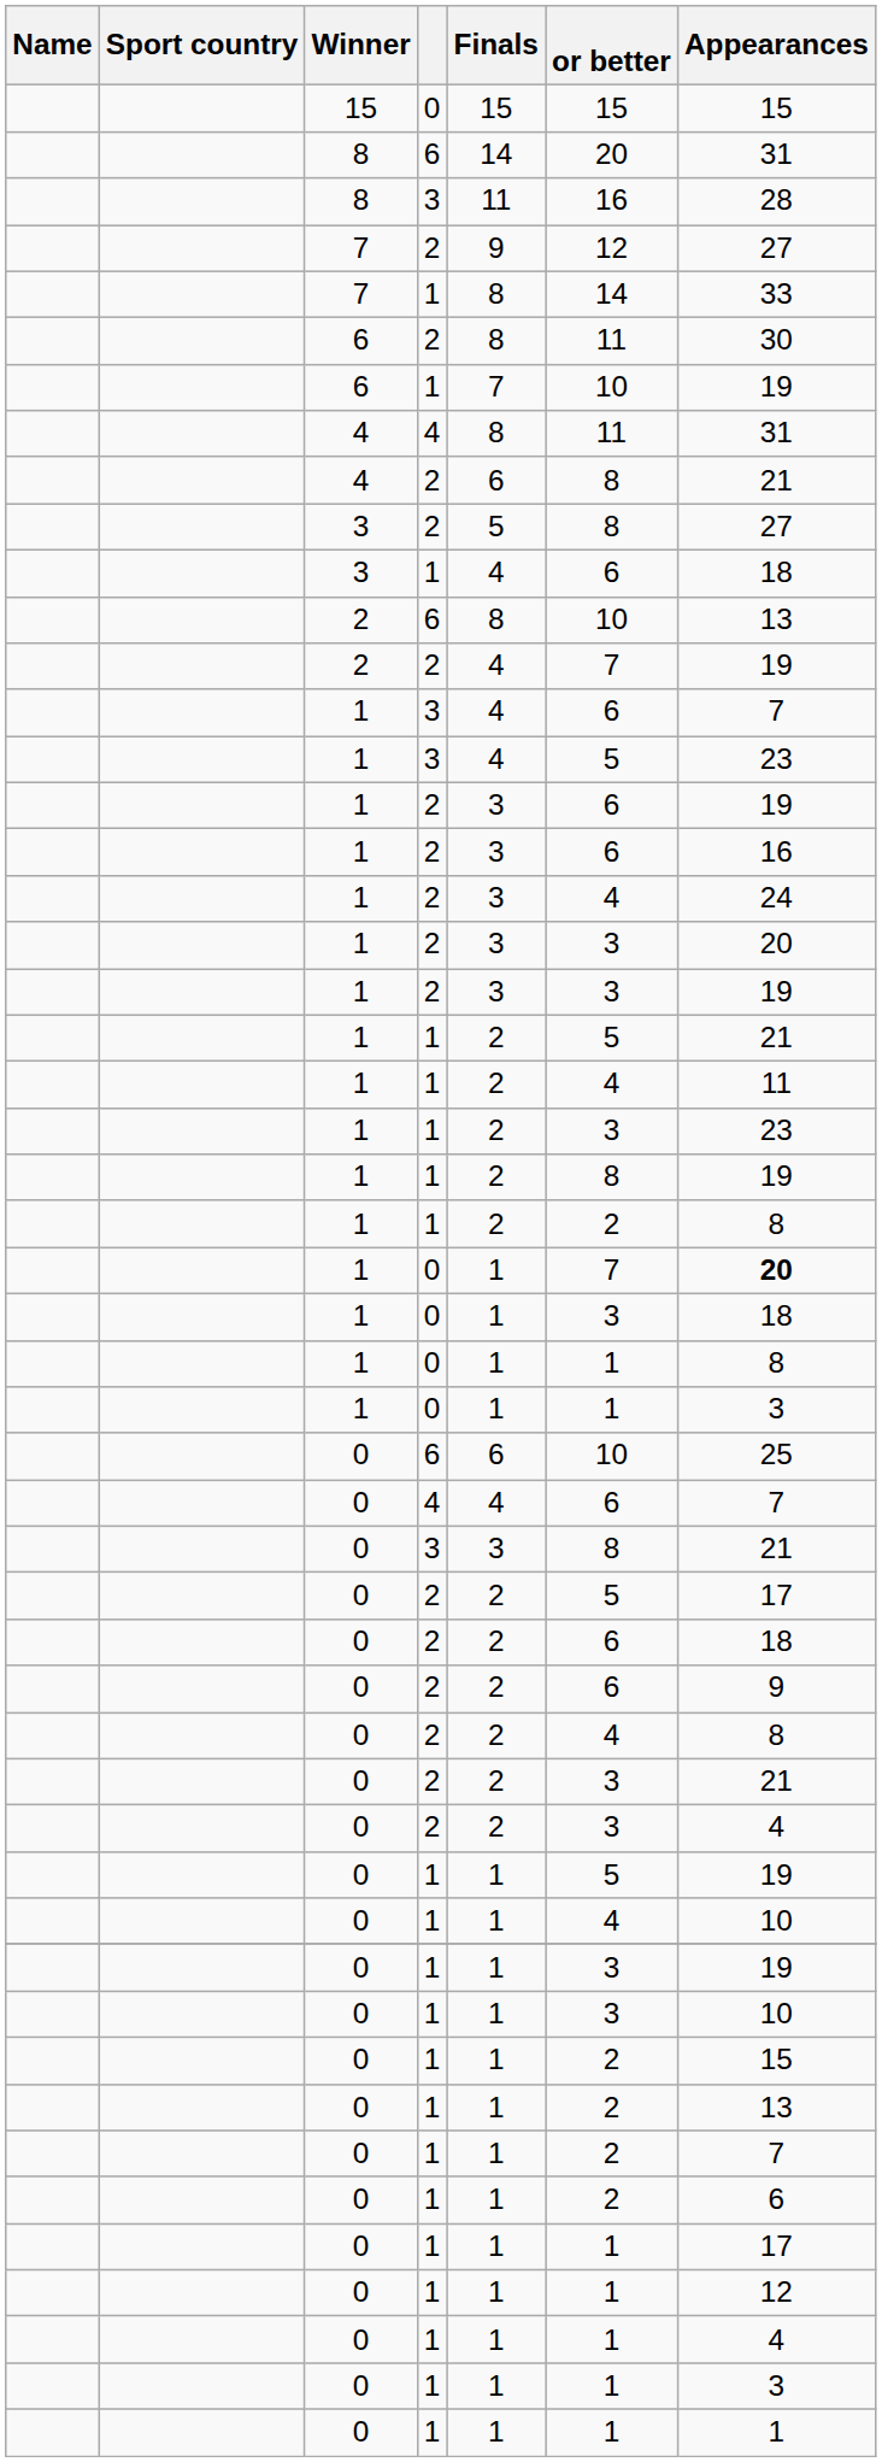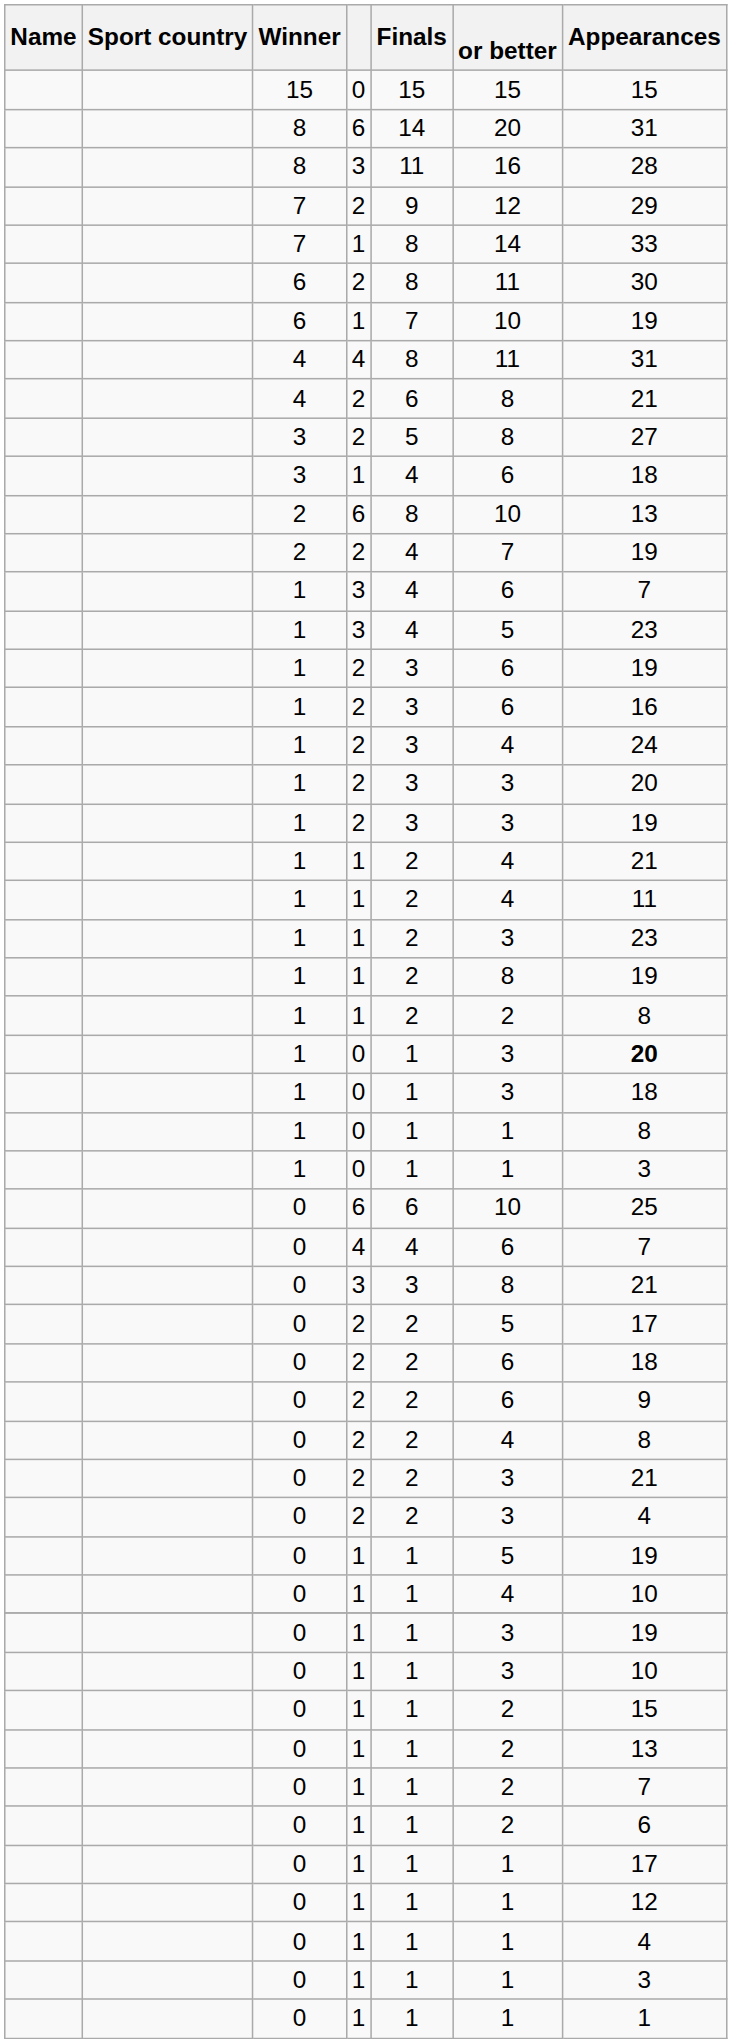 <table class="wikitable sortable" style="font-size:100%; text-align: center;">
 <tr>
 <th>Name</th>
 <th>Sport country</th>
 <th>Winner</th>
 <th></th>
 <th>Finals</th>
 <th><br>or better</th>
 <th>Appearances</th>
 </tr>
 <tr>
 <td align=left></td>
 <td align=left></td>
 <td>15</td>
 <td>0</td>
 <td>15</td>
 <td>15</td>
 <td>15</td>
 </tr>
 <tr>
 <td align=left></td>
 <td align=left></td>
 <td>8</td>
 <td>6</td>
 <td>14</td>
 <td>20</td>
 <td>31</td>
 </tr>
 <tr>
 <td align=left></td>
 <td align=left></td>
 <td rowspan="">8</td>
 <td>3</td>
 <td>11</td>
 <td>16</td>
 <td>28</td>
 </tr>
 <tr>
 <td align=left></td>
 <td align=left></td>
 <td>7</td>
 <td>2</td>
 <td>9</td>
 <td>12</td>
-<td>27</td>
+<td>29</td>
 </tr>
 <tr>
 <td align=left><strong></strong></td>
 <td align=left></td>
 <td>7</td>
 <td>1</td>
 <td>8</td>
 <td>14</td>
 <td>33</td>
 </tr>
 <tr>
 <td align="left"></td>
 <td align="left"></td>
 <td>6</td>
 <td>2</td>
 <td>8</td>
 <td>11</td>
 <td>30</td>
 </tr>
 <tr>
 <td align=left></td>
 <td align=left></td>
 <td>6</td>
 <td>1</td>
 <td>7</td>
 <td>10</td>
 <td>19</td>
 </tr>
 <tr>
 <td align=left><strong></strong></td>
 <td align=left></td>
 <td>4</td>
 <td>4</td>
 <td>8</td>
 <td>11</td>
 <td>31</td>
 </tr>
 <tr>
 <td align=left><strong></strong></td>
 <td align=left></td>
 <td>4</td>
 <td>2</td>
 <td>6</td>
 <td>8</td>
 <td>21</td>
 </tr>
 <tr>
 <td align=left><strong></strong></td>
 <td align=left></td>
 <td>3</td>
 <td>2</td>
 <td>5</td>
 <td>8</td>
 <td>27</td>
 </tr>
 <tr>
 <td align=left></td>
 <td align=left></td>
 <td>3</td>
 <td>1</td>
 <td>4</td>
 <td>6</td>
 <td>18</td>
 </tr>
 <tr>
 <td align=left></td>
 <td align=left></td>
 <td>2</td>
 <td>6</td>
 <td>8</td>
 <td>10</td>
 <td>13</td>
 </tr>
 <tr>
 <td align=left></td>
 <td align=left></td>
 <td>2</td>
 <td>2</td>
 <td>4</td>
 <td>7</td>
 <td>19</td>
 </tr>
 <tr>
 <td align=left></td>
 <td align=left></td>
 <td>1</td>
 <td>3</td>
 <td>4</td>
 <td>6</td>
 <td>7</td>
 </tr>
 <tr>
 <td align=left><strong></strong></td>
 <td align=left></td>
 <td>1</td>
 <td>3</td>
 <td>4</td>
 <td>5</td>
 <td>23</td>
 </tr>
 <tr>
 <td align=left></td>
 <td align=left></td>
 <td>1</td>
 <td>2</td>
 <td>3</td>
 <td>6</td>
 <td>19</td>
 </tr>
 <tr>
 <td align=left><strong></strong></td>
 <td align=left></td>
 <td>1</td>
 <td>2</td>
 <td>3</td>
 <td>6</td>
 <td>16</td>
 </tr>
 <tr>
 <td align=left></td>
 <td align=left></td>
 <td>1</td>
 <td>2</td>
 <td>3</td>
 <td>4</td>
 <td>24</td>
 </tr>
 <tr>
 <td align=left><strong></strong></td>
 <td align=left></td>
 <td>1</td>
 <td>2</td>
 <td>3</td>
 <td>3</td>
 <td>20</td>
 </tr>
 <tr>
 <td align=left><strong></strong></td>
 <td align=left></td>
 <td>1</td>
 <td>2</td>
 <td>3</td>
 <td>3</td>
 <td>19</td>
 </tr>
 <tr>
 <td align=left></td>
 <td align=left></td>
 <td>1</td>
 <td>1</td>
 <td>2</td>
-<td>5</td>
+<td>4</td>
 <td>21</td>
 </tr>
 <tr>
 <td align="left"><strong></strong></td>
 <td align="left"></td>
 <td>1</td>
 <td>1</td>
 <td>2</td>
 <td>4</td>
 <td>11</td>
 </tr>
 <tr>
 <td align=left></td>
 <td align=left></td>
 <td>1</td>
 <td>1</td>
 <td>2</td>
 <td>3</td>
 <td>23</td>
 </tr>
 <tr>
 <td align=left></td>
 <td align=left></td>
 <td>1</td>
 <td>1</td>
 <td>2</td>
 <td>8</td>
 <td>19</td>
 </tr>
 <tr>
 <td align=left></td>
 <td align=left></td>
 <td>1</td>
 <td>1</td>
 <td>2</td>
 <td>2</td>
 <td>8</td>
 </tr>
 <tr>
 <td align=left><strong></strong></td>
 <td align=left></td>
 <td>1</td>
 <td>0</td>
 <td>1</td>
-<td>7</td>
+<td>3</td>
 <td><strong>20</strong></td>
 </tr>
 <tr>
 <td align=left><strong></strong></td>
 <td align=left></td>
 <td>1</td>
 <td>0</td>
 <td>1</td>
 <td>3</td>
 <td>18</td>
 </tr>
 <tr>
 <td align=left><strong></strong></td>
 <td align=left></td>
 <td>1</td>
 <td>0</td>
 <td>1</td>
 <td>1</td>
 <td>8</td>
 </tr>
 <tr>
 <td align=left><strong></strong></td>
 <td align=left></td>
 <td>1</td>
 <td>0</td>
 <td>1</td>
 <td>1</td>
 <td>3</td>
 </tr>
 <tr>
 <td align=left><strong></strong></td>
 <td align=left></td>
 <td>0</td>
 <td>6</td>
 <td>6</td>
 <td>10</td>
 <td>25</td>
 </tr>
 <tr>
 <td align=left></td>
 <td align=left></td>
 <td>0</td>
 <td>4</td>
 <td>4</td>
 <td>6</td>
 <td>7</td>
 </tr>
 <tr>
 <td align=left></td>
 <td align=left></td>
 <td>0</td>
 <td>3</td>
 <td>3</td>
 <td>8</td>
 <td>21</td>
 </tr>
 <tr>
 <td align=left></td>
 <td align=left></td>
 <td>0</td>
 <td>2</td>
 <td>2</td>
 <td>5</td>
 <td>17</td>
 </tr>
 <tr>
 <td align=left><strong></strong></td>
 <td align=left></td>
 <td>0</td>
 <td>2</td>
 <td>2</td>
 <td>6</td>
 <td>18</td>
 </tr>
 <tr>
 <td align=left></td>
 <td align=left></td>
 <td>0</td>
 <td>2</td>
 <td>2</td>
 <td>6</td>
 <td>9</td>
 </tr>
 <tr>
 <td align=left></td>
 <td align=left></td>
 <td>0</td>
 <td>2</td>
 <td>2</td>
 <td>4</td>
 <td>8</td>
 </tr>
 <tr>
 <td align=left><strong></strong></td>
 <td align=left></td>
 <td>0</td>
 <td>2</td>
 <td>2</td>
 <td>3</td>
 <td>21</td>
 </tr>
 <tr>
 <td align=left></td>
 <td align=left></td>
 <td>0</td>
 <td>2</td>
 <td>2</td>
 <td>3</td>
 <td>4</td>
 </tr>
 <tr>
 <td align=left><strong></strong></td>
 <td align=left></td>
 <td>0</td>
 <td>1</td>
 <td>1</td>
 <td>5</td>
 <td>19</td>
 </tr>
 <tr>
 <td align=left></td>
 <td align=left></td>
 <td>0</td>
 <td>1</td>
 <td>1</td>
 <td>4</td>
 <td>10</td>
 </tr>
 <tr>
 </tr>
 <tr>
 <td align=left><strong></strong></td>
 <td align=left></td>
 <td>0</td>
 <td>1</td>
 <td>1</td>
 <td>3</td>
 <td>19</td>
 </tr>
 <tr>
 <td align=left></td>
 <td align=left></td>
 <td>0</td>
 <td>1</td>
 <td>1</td>
 <td>3</td>
 <td>10</td>
 </tr>
 <tr>
 <td align=left></td>
 <td align=left></td>
 <td>0</td>
 <td>1</td>
 <td>1</td>
 <td>2</td>
 <td>15</td>
 </tr>
 <tr>
 <td align=left></td>
 <td align=left></td>
 <td>0</td>
 <td>1</td>
 <td>1</td>
 <td>2</td>
 <td>13</td>
 </tr>
 <tr>
 <td align=left></td>
 <td align=left></td>
 <td>0</td>
 <td>1</td>
 <td>1</td>
 <td>2</td>
 <td>7</td>
 </tr>
 <tr>
 <td align=left></td>
 <td align=left></td>
 <td>0</td>
 <td>1</td>
 <td>1</td>
 <td>2</td>
 <td>6</td>
 </tr>
 <tr>
 <td align=left></td>
 <td align=left></td>
 <td>0</td>
 <td>1</td>
 <td>1</td>
 <td>1</td>
 <td>17</td>
 </tr>
 <tr>
 <td align=left></td>
 <td align=left></td>
 <td>0</td>
 <td>1</td>
 <td>1</td>
 <td>1</td>
 <td>12</td>
 </tr>
 <tr>
 <td align=left></td>
 <td align=left></td>
 <td>0</td>
 <td>1</td>
 <td>1</td>
 <td>1</td>
 <td>4</td>
 </tr>
 <tr>
 <td align=left><strong></strong></td>
 <td align=left></td>
 <td>0</td>
 <td>1</td>
 <td>1</td>
 <td>1</td>
 <td>3</td>
 </tr>
 <tr>
 <td align=left></td>
 <td align=left></td>
 <td>0</td>
 <td>1</td>
 <td>1</td>
 <td>1</td>
 <td>1</td>
 </tr>
 </table>
